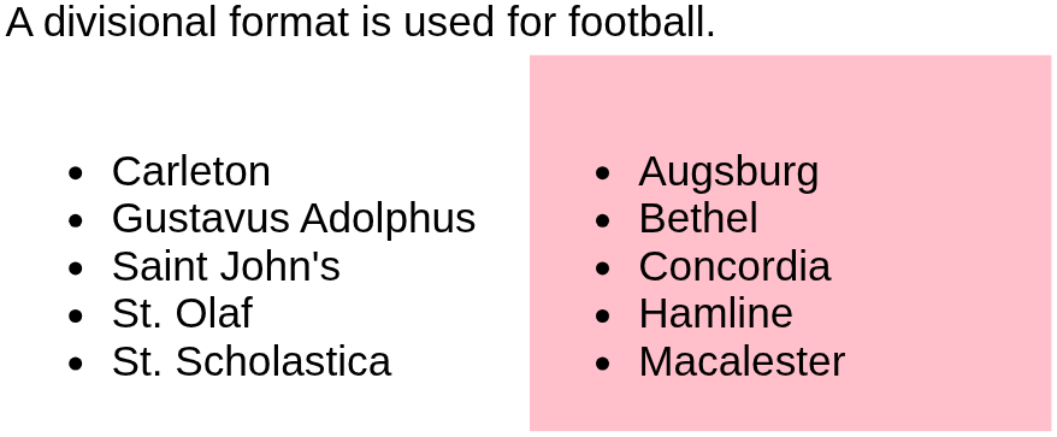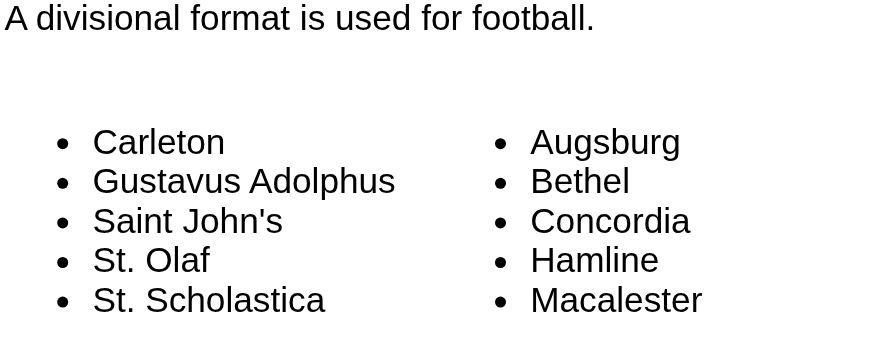 <table width=400 style="float:right">
 <tr>
 <td colspan=2>A divisional format is used for football.</td>
 </tr>
 <tr>
 <td width=50%><br><ul><li>Carleton</li><li>Gustavus Adolphus</li><li>Saint John's</li><li>St. Olaf</li><li>St. Scholastica</li></ul></td>
-<td width=50% style="background: pink;"><br><ul><li>Augsburg</li><li>Bethel</li><li>Concordia</li><li>Hamline</li><li>Macalester</li></ul></td>
+<td width=50%><br><ul><li>Augsburg</li><li>Bethel</li><li>Concordia</li><li>Hamline</li><li>Macalester</li></ul></td>
 </tr>
 </table>
